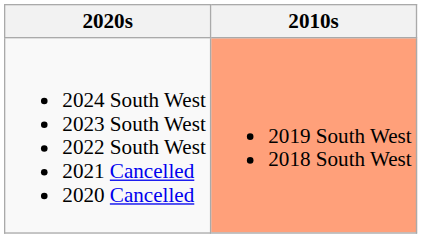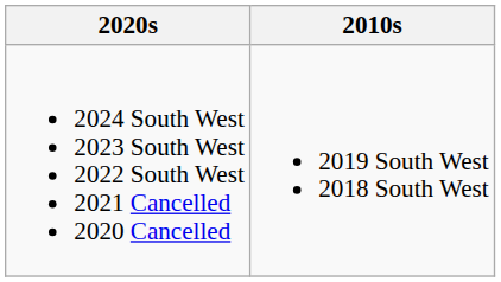 <table class="wikitable">
 <tr>
 <th>2020s</th>
 <th>2010s</th>
 </tr>
 <tr>
 <td><br><ul><li>2024	South West</li><li>2023	South West</li><li>2022	South West</li><li>2021	<a href='#'>Cancelled</a></li><li>2020	<a href='#'>Cancelled</a></li></ul></td>
-<td style="background: lightsalmon;"><br><ul><li>2019	South West</li><li>2018	South West</li></ul></td>
+<td><br><ul><li>2019	South West</li><li>2018	South West</li></ul></td>
 </tr>
 </table>
